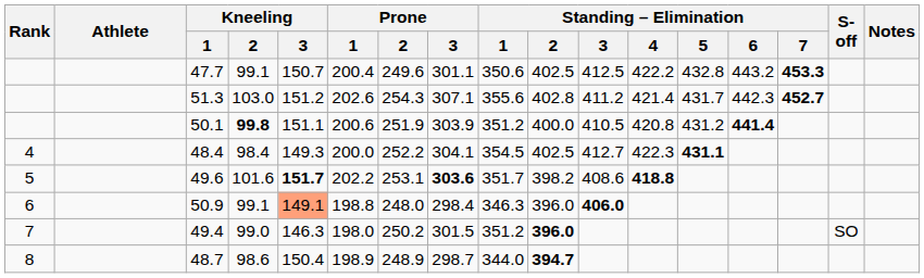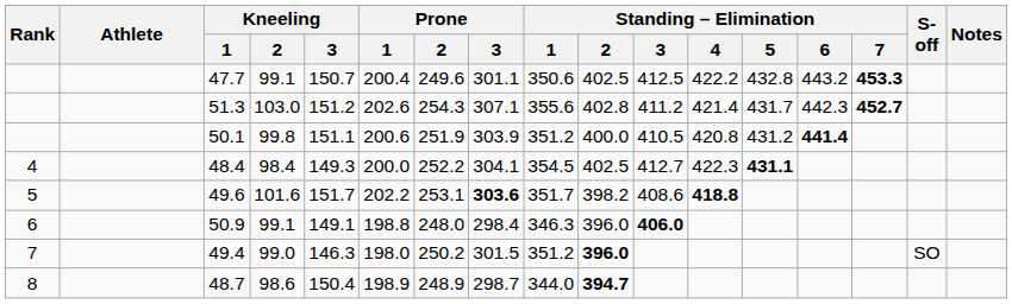 <table class="wikitable" style="text-align:center">
 <tr>
 <th rowspan=2 width=40>Rank</th>
 <th rowspan=2 width=250>Athlete</th>
 <th colspan=3>Kneeling</th>
 <th colspan=3>Prone</th>
 <th colspan=7>Standing – Elimination</th>
 <th rowspan=2 width=35>S-off</th>
 <th rowspan=2 width=45>Notes</th>
 </tr>
 <tr>
 <th width=35>1</th>
 <th width=35>2</th>
 <th width=35>3</th>
 <th width=35>1</th>
 <th width=35>2</th>
 <th width=35>3</th>
 <th width=35>1</th>
 <th width=35>2</th>
 <th width=35>3</th>
 <th width=35>4</th>
 <th width=35>5</th>
 <th width=35>6</th>
 <th width=35>7</th>
 </tr>
 <tr>
 <td></td>
 <td align=left></td>
 <td>47.7</td>
 <td>99.1</td>
 <td>150.7</td>
 <td>200.4</td>
 <td>249.6</td>
 <td>301.1</td>
 <td>350.6</td>
 <td>402.5</td>
 <td>412.5</td>
 <td>422.2</td>
 <td>432.8</td>
 <td>443.2</td>
 <td><strong>453.3</strong></td>
 <td></td>
 <td></td>
 </tr>
 <tr>
 <td></td>
 <td align=left></td>
 <td>51.3</td>
 <td>103.0</td>
 <td>151.2</td>
 <td>202.6</td>
 <td>254.3</td>
 <td>307.1</td>
 <td>355.6</td>
 <td>402.8</td>
 <td>411.2</td>
 <td>421.4</td>
 <td>431.7</td>
 <td>442.3</td>
 <td><strong>452.7</strong></td>
 <td></td>
 <td></td>
 </tr>
 <tr>
 <td></td>
 <td align=left></td>
 <td>50.1</td>
-<td><strong>99.8</strong></td>
+<td>99.8</td>
 <td>151.1</td>
 <td>200.6</td>
 <td>251.9</td>
 <td>303.9</td>
 <td>351.2</td>
 <td>400.0</td>
 <td>410.5</td>
 <td>420.8</td>
 <td>431.2</td>
 <td><strong>441.4</strong></td>
 <td></td>
 <td></td>
 <td></td>
 </tr>
 <tr>
 <td>4</td>
 <td align=left></td>
 <td>48.4</td>
 <td>98.4</td>
 <td>149.3</td>
 <td>200.0</td>
 <td>252.2</td>
 <td>304.1</td>
 <td>354.5</td>
 <td>402.5</td>
 <td>412.7</td>
 <td>422.3</td>
 <td><strong>431.1</strong></td>
 <td></td>
 <td></td>
 <td></td>
 <td></td>
 </tr>
 <tr>
 <td>5</td>
 <td align=left></td>
 <td>49.6</td>
 <td>101.6</td>
-<td><strong>151.7</strong></td>
+<td>151.7</td>
 <td>202.2</td>
 <td>253.1</td>
 <td><strong>303.6</strong></td>
 <td>351.7</td>
 <td>398.2</td>
 <td>408.6</td>
 <td><strong>418.8</strong></td>
 <td></td>
 <td></td>
 <td></td>
 <td></td>
 <td></td>
 </tr>
 <tr>
 <td>6</td>
 <td align=left></td>
 <td>50.9</td>
 <td>99.1</td>
-<td style="background: lightsalmon;">149.1</td>
+<td>149.1</td>
 <td>198.8</td>
 <td>248.0</td>
 <td>298.4</td>
 <td>346.3</td>
 <td>396.0</td>
 <td><strong>406.0</strong></td>
 <td></td>
 <td></td>
 <td></td>
 <td></td>
 <td></td>
 <td></td>
 </tr>
 <tr>
 <td>7</td>
 <td align=left></td>
 <td>49.4</td>
 <td>99.0</td>
 <td>146.3</td>
 <td>198.0</td>
 <td>250.2</td>
 <td>301.5</td>
 <td>351.2</td>
 <td><strong>396.0</strong></td>
 <td></td>
 <td></td>
 <td></td>
 <td></td>
 <td></td>
 <td>SO</td>
 <td></td>
 </tr>
 <tr>
 <td>8</td>
 <td align=left></td>
 <td>48.7</td>
 <td>98.6</td>
 <td>150.4</td>
 <td>198.9</td>
 <td>248.9</td>
 <td>298.7</td>
 <td>344.0</td>
 <td><strong>394.7</strong></td>
 <td></td>
 <td></td>
 <td></td>
 <td></td>
 <td></td>
 <td></td>
 <td></td>
 </tr>
 </table>
